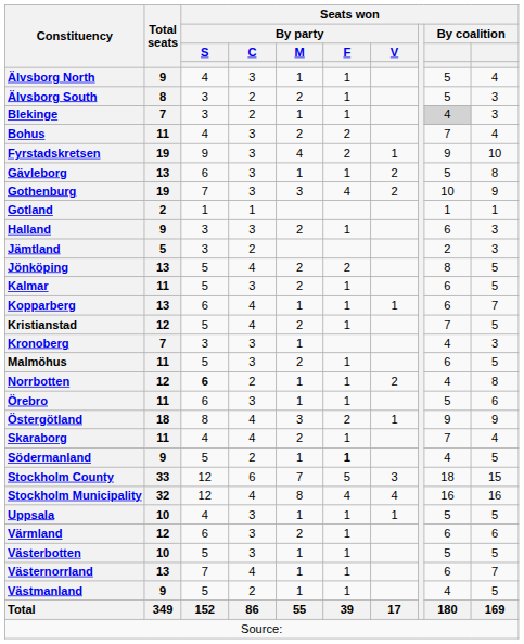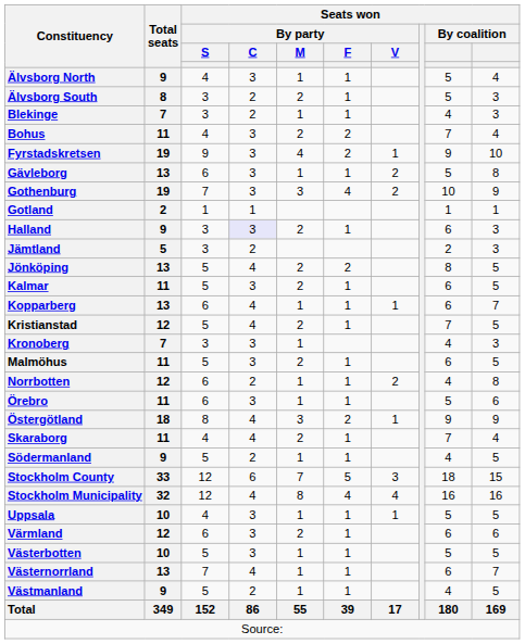 <table class="wikitable" style="text-align:center; font-size: 0.9em;">
 <tr>
 <th rowspan="4">Constituency</th>
 <th rowspan="4">Total<br>seats</th>
 <th colspan="8">Seats won</th>
 </tr>
 <tr>
 <th colspan="5">By party</th>
 <th rowspan="32"></th>
 <th colspan="2">By coalition</th>
 </tr>
 <tr>
 <th class="unsortable" style="width:50px;"><a href='#'>S</a></th>
 <th class="unsortable" style="width:50px;"><a href='#'>C</a></th>
 <th class="unsortable" style="width:50px;"><a href='#'>M</a></th>
 <th class="unsortable" style="width:50px;"><a href='#'>F</a></th>
 <th class="unsortable" style="width:50px;"><a href='#'>V</a></th>
 <th class="unsortable" style="width:50px;"></th>
 <th class="unsortable" style="width:50px;"></th>
 </tr>
 <tr>
 <th style="background:"></th>
 <th style="background:"></th>
 <th style="background:"></th>
 <th style="background:"></th>
 <th style="background:"></th>
 <th style="background:"></th>
 <th style="background:"></th>
 </tr>
 <tr>
 <th style="text-align: left;"><a href='#'>Älvsborg North</a></th>
 <th>9</th>
 <td>4</td>
 <td>3</td>
 <td>1</td>
 <td>1</td>
 <td></td>
 <td>5</td>
 <td>4</td>
 </tr>
 <tr>
 <th style="text-align: left;"><a href='#'>Älvsborg South</a></th>
 <th>8</th>
 <td>3</td>
 <td>2</td>
 <td>2</td>
 <td>1</td>
 <td></td>
 <td>5</td>
 <td>3</td>
 </tr>
 <tr>
 <th style="text-align: left;"><a href='#'>Blekinge</a></th>
 <th>7</th>
 <td>3</td>
 <td>2</td>
 <td>1</td>
 <td>1</td>
 <td></td>
-<td style="background: lightgrey;">4</td>
+<td>4</td>
 <td>3</td>
 </tr>
 <tr>
 <th style="text-align: left;"><a href='#'>Bohus</a></th>
 <th>11</th>
 <td>4</td>
 <td>3</td>
 <td>2</td>
 <td>2</td>
 <td></td>
 <td>7</td>
 <td>4</td>
 </tr>
 <tr>
 <th style="text-align: left;"><a href='#'>Fyrstadskretsen</a></th>
 <th>19</th>
 <td>9</td>
 <td>3</td>
 <td>4</td>
 <td>2</td>
 <td>1</td>
 <td>9</td>
 <td>10</td>
 </tr>
 <tr>
 <th style="text-align: left;"><a href='#'>Gävleborg</a></th>
 <th>13</th>
 <td>6</td>
 <td>3</td>
 <td>1</td>
 <td>1</td>
 <td>2</td>
 <td>5</td>
 <td>8</td>
 </tr>
 <tr>
 <th style="text-align: left;"><a href='#'>Gothenburg</a></th>
 <th>19</th>
 <td>7</td>
 <td>3</td>
 <td>3</td>
 <td>4</td>
 <td>2</td>
 <td>10</td>
 <td>9</td>
 </tr>
 <tr>
 <th style="text-align: left;"><a href='#'>Gotland</a></th>
 <th>2</th>
 <td>1</td>
 <td>1</td>
 <td></td>
 <td></td>
 <td></td>
 <td>1</td>
 <td>1</td>
 </tr>
 <tr>
 <th style="text-align: left;"><a href='#'>Halland</a></th>
 <th>9</th>
 <td>3</td>
-<td>3</td>
+<td style="background: lavender;">3</td>
 <td>2</td>
 <td>1</td>
 <td></td>
 <td>6</td>
 <td>3</td>
 </tr>
 <tr>
 <th style="text-align: left;"><a href='#'>Jämtland</a></th>
 <th>5</th>
 <td>3</td>
 <td>2</td>
 <td></td>
 <td></td>
 <td></td>
 <td>2</td>
 <td>3</td>
 </tr>
 <tr>
 <th style="text-align: left;"><a href='#'>Jönköping</a></th>
 <th>13</th>
 <td>5</td>
 <td>4</td>
 <td>2</td>
 <td>2</td>
 <td></td>
 <td>8</td>
 <td>5</td>
 </tr>
 <tr>
 <th style="text-align: left;"><a href='#'>Kalmar</a></th>
 <th>11</th>
 <td>5</td>
 <td>3</td>
 <td>2</td>
 <td>1</td>
 <td></td>
 <td>6</td>
 <td>5</td>
 </tr>
 <tr>
 <th style="text-align: left;"><a href='#'>Kopparberg</a></th>
 <th>13</th>
 <td>6</td>
 <td>4</td>
 <td>1</td>
 <td>1</td>
 <td>1</td>
 <td>6</td>
 <td>7</td>
 </tr>
 <tr>
 <th style="text-align: left;">Kristianstad</th>
 <th>12</th>
 <td>5</td>
 <td>4</td>
 <td>2</td>
 <td>1</td>
 <td></td>
 <td>7</td>
 <td>5</td>
 </tr>
 <tr>
 <th style="text-align: left;"><a href='#'>Kronoberg</a></th>
 <th>7</th>
 <td>3</td>
 <td>3</td>
 <td>1</td>
 <td></td>
 <td></td>
 <td>4</td>
 <td>3</td>
 </tr>
 <tr>
 <th style="text-align: left;">Malmöhus</th>
 <th>11</th>
 <td>5</td>
 <td>3</td>
 <td>2</td>
 <td>1</td>
 <td></td>
 <td>6</td>
 <td>5</td>
 </tr>
 <tr>
 <th style="text-align: left;"><a href='#'>Norrbotten</a></th>
 <th>12</th>
-<td><strong>6</strong></td>
+<td>6</td>
 <td>2</td>
 <td>1</td>
 <td>1</td>
 <td>2</td>
 <td>4</td>
 <td>8</td>
 </tr>
 <tr>
 <th style="text-align: left;"><a href='#'>Örebro</a></th>
 <th>11</th>
 <td>6</td>
 <td>3</td>
 <td>1</td>
 <td>1</td>
 <td></td>
 <td>5</td>
 <td>6</td>
 </tr>
 <tr>
 <th style="text-align: left;"><a href='#'>Östergötland</a></th>
 <th>18</th>
 <td>8</td>
 <td>4</td>
 <td>3</td>
 <td>2</td>
 <td>1</td>
 <td>9</td>
 <td>9</td>
 </tr>
 <tr>
 <th style="text-align: left;"><a href='#'>Skaraborg</a></th>
 <th>11</th>
 <td>4</td>
 <td>4</td>
 <td>2</td>
 <td>1</td>
 <td></td>
 <td>7</td>
 <td>4</td>
 </tr>
 <tr>
 <th style="text-align: left;"><a href='#'>Södermanland</a></th>
 <th>9</th>
 <td>5</td>
 <td>2</td>
 <td>1</td>
-<td><strong>1</strong></td>
+<td>1</td>
 <td></td>
 <td>4</td>
 <td>5</td>
 </tr>
 <tr>
 <th style="text-align: left;"><a href='#'>Stockholm County</a></th>
 <th>33</th>
 <td>12</td>
 <td>6</td>
 <td>7</td>
 <td>5</td>
 <td>3</td>
 <td>18</td>
 <td>15</td>
 </tr>
 <tr>
 <th style="text-align: left;"><a href='#'>Stockholm Municipality</a></th>
 <th>32</th>
 <td>12</td>
 <td>4</td>
 <td>8</td>
 <td>4</td>
 <td>4</td>
 <td>16</td>
 <td>16</td>
 </tr>
 <tr>
 <th style="text-align: left;"><a href='#'>Uppsala</a></th>
 <th>10</th>
 <td>4</td>
 <td>3</td>
 <td>1</td>
 <td>1</td>
 <td>1</td>
 <td>5</td>
 <td>5</td>
 </tr>
 <tr>
 <th style="text-align: left;"><a href='#'>Värmland</a></th>
 <th>12</th>
 <td>6</td>
 <td>3</td>
 <td>2</td>
 <td>1</td>
 <td></td>
 <td>6</td>
 <td>6</td>
 </tr>
 <tr>
 <th style="text-align: left;"><a href='#'>Västerbotten</a></th>
 <th>10</th>
 <td>5</td>
 <td>3</td>
 <td>1</td>
 <td>1</td>
 <td></td>
 <td>5</td>
 <td>5</td>
 </tr>
 <tr>
 <th style="text-align: left;"><a href='#'>Västernorrland</a></th>
 <th>13</th>
 <td>7</td>
 <td>4</td>
 <td>1</td>
 <td>1</td>
 <td></td>
 <td>6</td>
 <td>7</td>
 </tr>
 <tr>
 <th style="text-align: left;"><a href='#'>Västmanland</a></th>
 <th>9</th>
 <td>5</td>
 <td>2</td>
 <td>1</td>
 <td>1</td>
 <td></td>
 <td>4</td>
 <td>5</td>
 </tr>
 <tr>
 <th style="text-align: left;">Total</th>
 <th>349</th>
 <th>152</th>
 <th>86</th>
 <th>55</th>
 <th>39</th>
 <th>17</th>
 <th>180</th>
 <th>169</th>
 </tr>
 <tr>
 <td colspan="10">Source: </td>
 </tr>
 </table>
